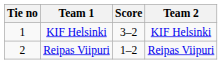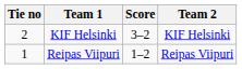 <table class="wikitable" style="text-align:center">
 <tr>
 <th style= width="40px">Tie no</th>
 <th style= width="150px">Team 1</th>
 <th style= width="60px">Score</th>
 <th style= width="150px">Team 2</th>
 </tr>
 <tr>
-<td>1</td>
+<td>2</td>
 <td><a href='#'>KIF Helsinki</a></td>
 <td>3–2</td>
 <td><a href='#'>KIF Helsinki</a></td>
 </tr>
 <tr>
-<td>2</td>
+<td>1</td>
 <td><a href='#'>Reipas Viipuri</a></td>
 <td>1–2</td>
 <td><a href='#'>Reipas Viipuri</a></td>
 </tr>
 </table>
